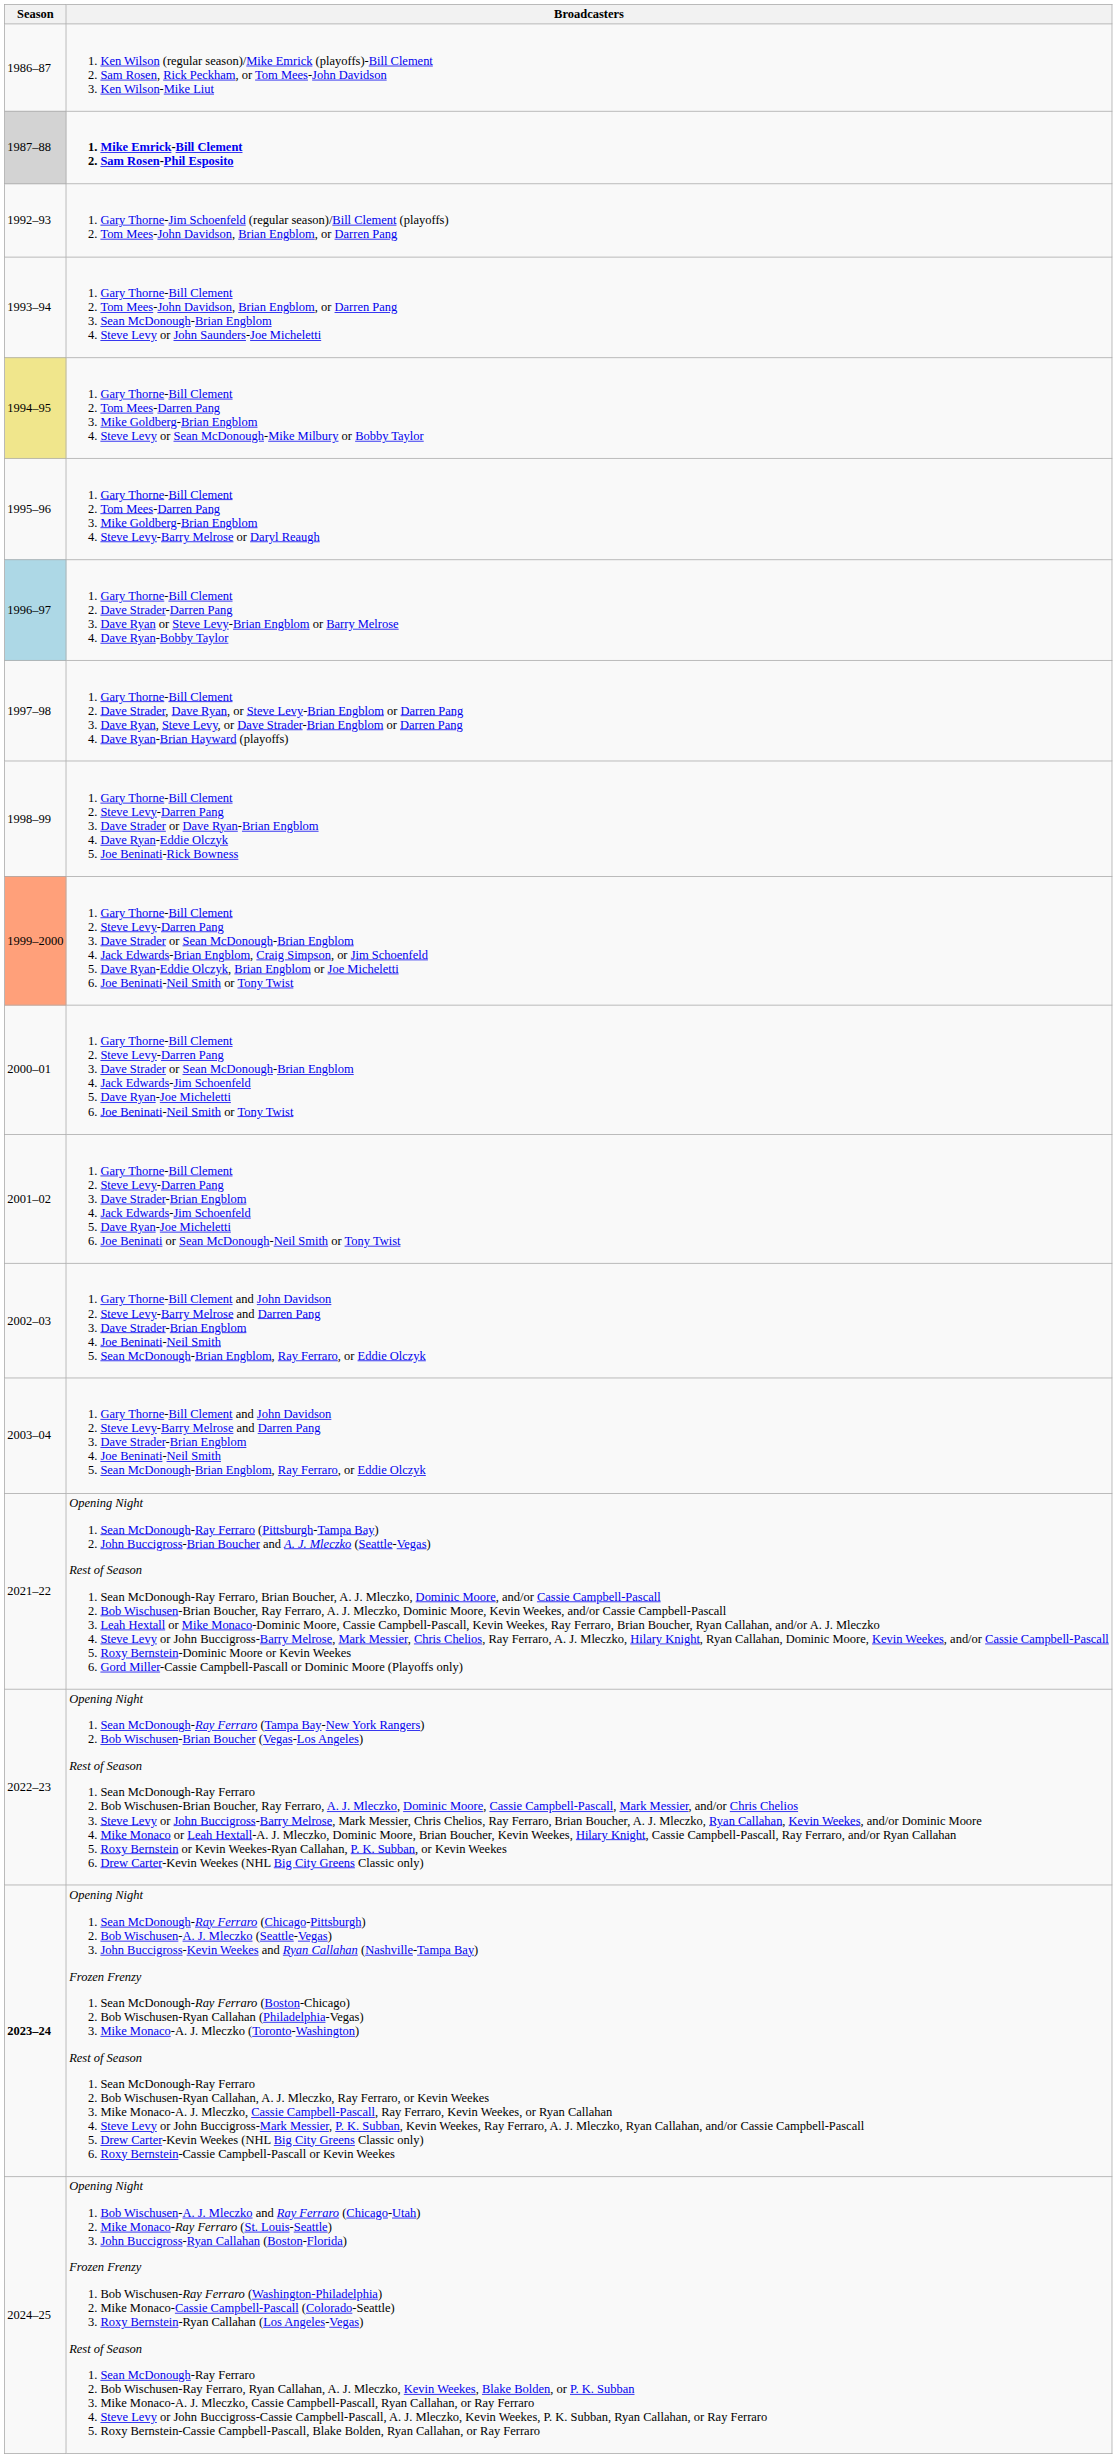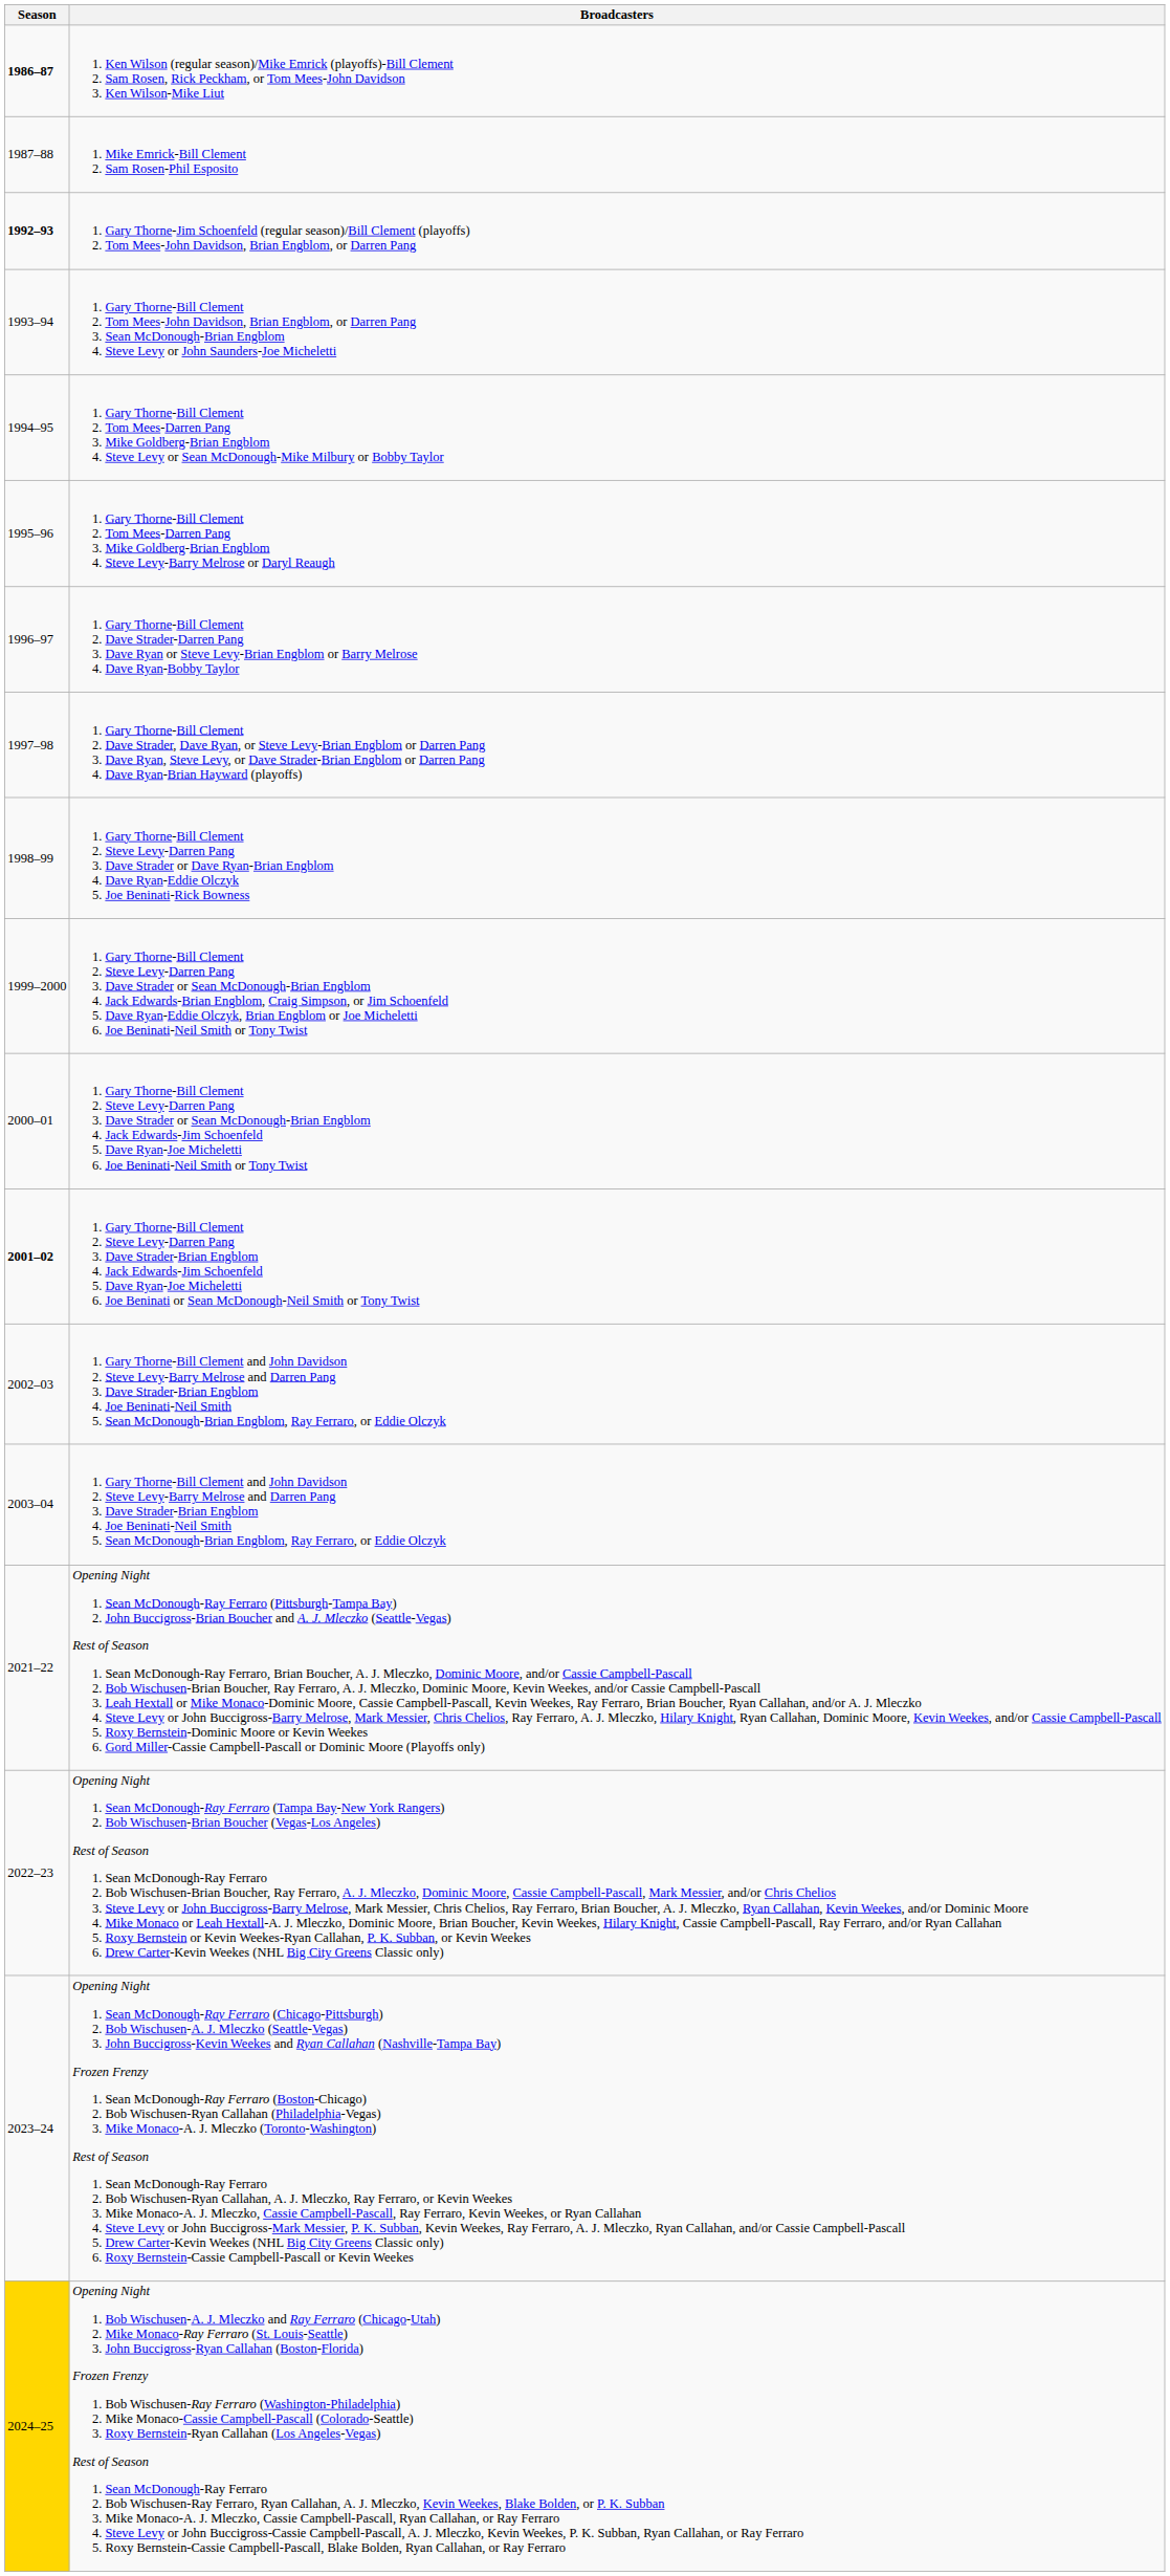 <table class="wikitable">
 <tr>
 <th>Season</th>
 <th>Broadcasters</th>
 </tr>
 <tr>
-<td>1986–87</td>
+<td><strong>1986–87</strong></td>
 <td><br><ol><li><a href='#'>Ken Wilson</a> (regular season)/<a href='#'>Mike Emrick</a> (playoffs)-<a href='#'>Bill Clement</a></li><li><a href='#'>Sam Rosen</a>, <a href='#'>Rick Peckham</a>, or <a href='#'>Tom Mees</a>-<a href='#'>John Davidson</a></li><li><a href='#'>Ken Wilson</a>-<a href='#'>Mike Liut</a></li></ol></td>
 </tr>
 <tr>
-<td style="background: lightgrey;">1987–88</td>
-<td><strong><br><ol><li><a href='#'>Mike Emrick</a>-<a href='#'>Bill Clement</a></li><li><a href='#'>Sam Rosen</a>-<a href='#'>Phil Esposito</a></li></ol></strong></td>
+<td>1987–88</td>
+<td><br><ol><li><a href='#'>Mike Emrick</a>-<a href='#'>Bill Clement</a></li><li><a href='#'>Sam Rosen</a>-<a href='#'>Phil Esposito</a></li></ol></td>
 </tr>
 <tr>
-<td>1992–93</td>
+<td><strong>1992–93</strong></td>
 <td><br><ol><li><a href='#'>Gary Thorne</a>-<a href='#'>Jim Schoenfeld</a> (regular season)/<a href='#'>Bill Clement</a> (playoffs)</li><li><a href='#'>Tom Mees</a>-<a href='#'>John Davidson</a>, <a href='#'>Brian Engblom</a>, or <a href='#'>Darren Pang</a></li></ol></td>
 </tr>
 <tr>
 <td>1993–94</td>
 <td><br><ol><li><a href='#'>Gary Thorne</a>-<a href='#'>Bill Clement</a></li><li><a href='#'>Tom Mees</a>-<a href='#'>John Davidson</a>, <a href='#'>Brian Engblom</a>, or <a href='#'>Darren Pang</a></li><li><a href='#'>Sean McDonough</a>-<a href='#'>Brian Engblom</a></li><li><a href='#'>Steve Levy</a> or <a href='#'>John Saunders</a>-<a href='#'>Joe Micheletti</a></li></ol></td>
 </tr>
 <tr>
-<td style="background: khaki;">1994–95</td>
+<td>1994–95</td>
 <td><br><ol><li><a href='#'>Gary Thorne</a>-<a href='#'>Bill Clement</a></li><li><a href='#'>Tom Mees</a>-<a href='#'>Darren Pang</a></li><li><a href='#'>Mike Goldberg</a>-<a href='#'>Brian Engblom</a></li><li><a href='#'>Steve Levy</a> or <a href='#'>Sean McDonough</a>-<a href='#'>Mike Milbury</a> or <a href='#'>Bobby Taylor</a></li></ol></td>
 </tr>
 <tr>
 <td>1995–96</td>
 <td><br><ol><li><a href='#'>Gary Thorne</a>-<a href='#'>Bill Clement</a></li><li><a href='#'>Tom Mees</a>-<a href='#'>Darren Pang</a></li><li><a href='#'>Mike Goldberg</a>-<a href='#'>Brian Engblom</a></li><li><a href='#'>Steve Levy</a>-<a href='#'>Barry Melrose</a> or <a href='#'>Daryl Reaugh</a></li></ol></td>
 </tr>
 <tr>
-<td style="background: lightblue;">1996–97</td>
+<td>1996–97</td>
 <td><br><ol><li><a href='#'>Gary Thorne</a>-<a href='#'>Bill Clement</a></li><li><a href='#'>Dave Strader</a>-<a href='#'>Darren Pang</a></li><li><a href='#'>Dave Ryan</a> or <a href='#'>Steve Levy</a>-<a href='#'>Brian Engblom</a> or <a href='#'>Barry Melrose</a></li><li><a href='#'>Dave Ryan</a>-<a href='#'>Bobby Taylor</a></li></ol></td>
 </tr>
 <tr>
 <td>1997–98</td>
 <td><br><ol><li><a href='#'>Gary Thorne</a>-<a href='#'>Bill Clement</a></li><li><a href='#'>Dave Strader</a>, <a href='#'>Dave Ryan</a>, or <a href='#'>Steve Levy</a>-<a href='#'>Brian Engblom</a> or <a href='#'>Darren Pang</a></li><li><a href='#'>Dave Ryan</a>, <a href='#'>Steve Levy</a>, or <a href='#'>Dave Strader</a>-<a href='#'>Brian Engblom</a> or <a href='#'>Darren Pang</a></li><li><a href='#'>Dave Ryan</a>-<a href='#'>Brian Hayward</a> (playoffs)</li></ol></td>
 </tr>
 <tr>
 <td>1998–99</td>
 <td><br><ol><li><a href='#'>Gary Thorne</a>-<a href='#'>Bill Clement</a></li><li><a href='#'>Steve Levy</a>-<a href='#'>Darren Pang</a></li><li><a href='#'>Dave Strader</a> or <a href='#'>Dave Ryan</a>-<a href='#'>Brian Engblom</a></li><li><a href='#'>Dave Ryan</a>-<a href='#'>Eddie Olczyk</a></li><li><a href='#'>Joe Beninati</a>-<a href='#'>Rick Bowness</a></li></ol></td>
 </tr>
 <tr>
-<td style="background: lightsalmon;">1999–2000</td>
+<td>1999–2000</td>
 <td><br><ol><li><a href='#'>Gary Thorne</a>-<a href='#'>Bill Clement</a></li><li><a href='#'>Steve Levy</a>-<a href='#'>Darren Pang</a></li><li><a href='#'>Dave Strader</a> or <a href='#'>Sean McDonough</a>-<a href='#'>Brian Engblom</a></li><li><a href='#'>Jack Edwards</a>-<a href='#'>Brian Engblom</a>, <a href='#'>Craig Simpson</a>, or <a href='#'>Jim Schoenfeld</a></li><li><a href='#'>Dave Ryan</a>-<a href='#'>Eddie Olczyk</a>, <a href='#'>Brian Engblom</a> or <a href='#'>Joe Micheletti</a></li><li><a href='#'>Joe Beninati</a>-<a href='#'>Neil Smith</a> or <a href='#'>Tony Twist</a></li></ol></td>
 </tr>
 <tr>
 <td>2000–01</td>
 <td><br><ol><li><a href='#'>Gary Thorne</a>-<a href='#'>Bill Clement</a></li><li><a href='#'>Steve Levy</a>-<a href='#'>Darren Pang</a></li><li><a href='#'>Dave Strader</a> or <a href='#'>Sean McDonough</a>-<a href='#'>Brian Engblom</a></li><li><a href='#'>Jack Edwards</a>-<a href='#'>Jim Schoenfeld</a></li><li><a href='#'>Dave Ryan</a>-<a href='#'>Joe Micheletti</a></li><li><a href='#'>Joe Beninati</a>-<a href='#'>Neil Smith</a> or <a href='#'>Tony Twist</a></li></ol></td>
 </tr>
 <tr>
-<td>2001–02</td>
+<td><strong>2001–02</strong></td>
 <td><br><ol><li><a href='#'>Gary Thorne</a>-<a href='#'>Bill Clement</a></li><li><a href='#'>Steve Levy</a>-<a href='#'>Darren Pang</a></li><li><a href='#'>Dave Strader</a>-<a href='#'>Brian Engblom</a></li><li><a href='#'>Jack Edwards</a>-<a href='#'>Jim Schoenfeld</a></li><li><a href='#'>Dave Ryan</a>-<a href='#'>Joe Micheletti</a></li><li><a href='#'>Joe Beninati</a> or <a href='#'>Sean McDonough</a>-<a href='#'>Neil Smith</a> or <a href='#'>Tony Twist</a></li></ol></td>
 </tr>
 <tr>
 <td>2002–03</td>
 <td><br><ol><li><a href='#'>Gary Thorne</a>-<a href='#'>Bill Clement</a> and <a href='#'>John Davidson</a></li><li><a href='#'>Steve Levy</a>-<a href='#'>Barry Melrose</a> and <a href='#'>Darren Pang</a></li><li><a href='#'>Dave Strader</a>-<a href='#'>Brian Engblom</a></li><li><a href='#'>Joe Beninati</a>-<a href='#'>Neil Smith</a></li><li><a href='#'>Sean McDonough</a>-<a href='#'>Brian Engblom</a>, <a href='#'>Ray Ferraro</a>, or <a href='#'>Eddie Olczyk</a></li></ol></td>
 </tr>
 <tr>
 <td>2003–04</td>
 <td><br><ol><li><a href='#'>Gary Thorne</a>-<a href='#'>Bill Clement</a> and <a href='#'>John Davidson</a></li><li><a href='#'>Steve Levy</a>-<a href='#'>Barry Melrose</a> and <a href='#'>Darren Pang</a></li><li><a href='#'>Dave Strader</a>-<a href='#'>Brian Engblom</a></li><li><a href='#'>Joe Beninati</a>-<a href='#'>Neil Smith</a></li><li><a href='#'>Sean McDonough</a>-<a href='#'>Brian Engblom</a>, <a href='#'>Ray Ferraro</a>, or <a href='#'>Eddie Olczyk</a></li></ol></td>
 </tr>
 <tr>
 <td>2021–22</td>
 <td><em>Opening Night</em><br><ol><li><a href='#'>Sean McDonough</a>-<a href='#'>Ray Ferraro</a> (<a href='#'>Pittsburgh</a>-<a href='#'>Tampa Bay</a>)</li><li><a href='#'>John Buccigross</a>-<a href='#'>Brian Boucher</a> and <em><a href='#'>A. J. Mleczko</a></em> (<a href='#'>Seattle</a>-<a href='#'>Vegas</a>)</li></ol><em>Rest of Season</em><ol><li>Sean McDonough-Ray Ferraro, Brian Boucher, A. J. Mleczko, <a href='#'>Dominic Moore</a>, and/or <a href='#'>Cassie Campbell-Pascall</a></li><li><a href='#'>Bob Wischusen</a>-Brian Boucher, Ray Ferraro, A. J. Mleczko, Dominic Moore, Kevin Weekes, and/or Cassie Campbell-Pascall</li><li><a href='#'>Leah Hextall</a> or <a href='#'>Mike Monaco</a>-Dominic Moore, Cassie Campbell-Pascall, Kevin Weekes, Ray Ferraro, Brian Boucher, Ryan Callahan, and/or A. J. Mleczko</li><li><a href='#'>Steve Levy</a> or John Buccigross-<a href='#'>Barry Melrose</a>, <a href='#'>Mark Messier</a>, <a href='#'>Chris Chelios</a>, Ray Ferraro,  A. J. Mleczko, <a href='#'>Hilary Knight</a>, Ryan Callahan, Dominic Moore, <a href='#'>Kevin Weekes</a>, and/or <a href='#'>Cassie Campbell-Pascall</a></li><li><a href='#'>Roxy Bernstein</a>-Dominic Moore or Kevin Weekes</li><li><a href='#'>Gord Miller</a>-Cassie Campbell-Pascall or Dominic Moore (Playoffs only)</li></ol></td>
 </tr>
 <tr>
 <td>2022–23</td>
 <td><em>Opening Night</em><br><ol><li><a href='#'>Sean McDonough</a>-<em><a href='#'>Ray Ferraro</a></em> (<a href='#'>Tampa Bay</a>-<a href='#'>New York Rangers</a>)</li><li><a href='#'>Bob Wischusen</a>-<a href='#'>Brian Boucher</a> (<a href='#'>Vegas</a>-<a href='#'>Los Angeles</a>)</li></ol><em>Rest of Season</em><ol><li>Sean McDonough-Ray Ferraro</li><li>Bob Wischusen-Brian Boucher, Ray Ferraro, <a href='#'>A. J. Mleczko</a>, <a href='#'>Dominic Moore</a>, <a href='#'>Cassie Campbell-Pascall</a>, <a href='#'>Mark Messier</a>, and/or <a href='#'>Chris Chelios</a></li><li><a href='#'>Steve Levy</a> or <a href='#'>John Buccigross</a>-<a href='#'>Barry Melrose</a>, Mark Messier, Chris Chelios, Ray Ferraro, Brian Boucher, A. J. Mleczko, <a href='#'>Ryan Callahan</a>, <a href='#'>Kevin Weekes</a>, and/or Dominic Moore</li><li><a href='#'>Mike Monaco</a> or <a href='#'>Leah Hextall</a>-A. J. Mleczko, Dominic Moore, Brian Boucher, Kevin Weekes, <a href='#'>Hilary Knight</a>, Cassie Campbell-Pascall, Ray Ferraro, and/or Ryan Callahan</li><li><a href='#'>Roxy Bernstein</a> or Kevin Weekes-Ryan Callahan, <a href='#'>P. K. Subban</a>, or Kevin Weekes</li><li><a href='#'>Drew Carter</a>-Kevin Weekes (NHL <a href='#'>Big City Greens</a> Classic only)</li></ol></td>
 </tr>
 <tr>
-<td><strong>2023–24</strong></td>
+<td>2023–24</td>
 <td><em>Opening Night</em><br><ol><li><a href='#'>Sean McDonough</a>-<em><a href='#'>Ray Ferraro</a></em> (<a href='#'>Chicago</a>-<a href='#'>Pittsburgh</a>)</li><li><a href='#'>Bob Wischusen</a>-<a href='#'>A. J. Mleczko</a> (<a href='#'>Seattle</a>-<a href='#'>Vegas</a>)</li><li><a href='#'>John Buccigross</a>-<a href='#'>Kevin Weekes</a> and <em><a href='#'>Ryan Callahan</a></em> (<a href='#'>Nashville</a>-<a href='#'>Tampa Bay</a>)</li></ol><em>Frozen Frenzy</em><ol><li>Sean McDonough-<em>Ray Ferraro</em> (<a href='#'>Boston</a>-Chicago)</li><li>Bob Wischusen-Ryan Callahan (<a href='#'>Philadelphia</a>-Vegas)</li><li><a href='#'>Mike Monaco</a>-A. J. Mleczko (<a href='#'>Toronto</a>-<a href='#'>Washington</a>)</li></ol><em>Rest of Season</em><ol><li>Sean McDonough-Ray Ferraro</li><li>Bob Wischusen-Ryan Callahan, A. J. Mleczko, Ray Ferraro, or Kevin Weekes</li><li>Mike Monaco-A. J. Mleczko, <a href='#'>Cassie Campbell-Pascall</a>, Ray Ferraro, Kevin Weekes, or Ryan Callahan</li><li><a href='#'>Steve Levy</a> or John Buccigross-<a href='#'>Mark Messier</a>, <a href='#'>P. K. Subban</a>, Kevin Weekes, Ray Ferraro, A. J. Mleczko, Ryan Callahan, and/or Cassie Campbell-Pascall</li><li><a href='#'>Drew Carter</a>-Kevin Weekes (NHL <a href='#'>Big City Greens</a> Classic only)</li><li><a href='#'>Roxy Bernstein</a>-Cassie Campbell-Pascall or Kevin Weekes</li></ol></td>
 </tr>
 <tr>
-<td>2024–25</td>
+<td style="background: gold;">2024–25</td>
 <td><em>Opening Night</em><br><ol><li><a href='#'>Bob Wischusen</a>-<a href='#'>A. J. Mleczko</a> and <em><a href='#'>Ray Ferraro</a></em> (<a href='#'>Chicago</a>-<a href='#'>Utah</a>)</li><li><a href='#'>Mike Monaco</a>-<em>Ray Ferraro</em> (<a href='#'>St. Louis</a>-<a href='#'>Seattle</a>)</li><li><a href='#'>John Buccigross</a>-<a href='#'>Ryan Callahan</a> (<a href='#'>Boston</a>-<a href='#'>Florida</a>)</li></ol><em>Frozen Frenzy</em><ol><li>Bob Wischusen-<em>Ray Ferraro</em> (<a href='#'>Washington-Philadelphia</a>)</li><li>Mike Monaco-<a href='#'>Cassie Campbell-Pascall</a> (<a href='#'>Colorado</a>-Seattle)</li><li><a href='#'>Roxy Bernstein</a>-Ryan Callahan (<a href='#'>Los Angeles</a>-<a href='#'>Vegas</a>)</li></ol><em>Rest of Season</em><ol><li><a href='#'>Sean McDonough</a>-Ray Ferraro</li><li>Bob Wischusen-Ray Ferraro, Ryan Callahan, A. J. Mleczko, <a href='#'>Kevin Weekes</a>, <a href='#'>Blake Bolden</a>, or <a href='#'>P. K. Subban</a></li><li>Mike Monaco-A. J. Mleczko, Cassie Campbell-Pascall, Ryan Callahan, or Ray Ferraro</li><li><a href='#'>Steve Levy</a> or John Buccigross-Cassie Campbell-Pascall, A. J. Mleczko, Kevin Weekes, P. K. Subban, Ryan Callahan, or Ray Ferraro</li><li>Roxy Bernstein-Cassie Campbell-Pascall, Blake Bolden, Ryan Callahan, or Ray Ferraro</li></ol></td>
 </tr>
 </table>
